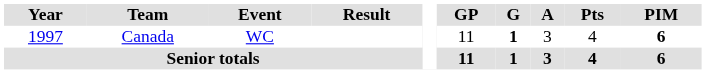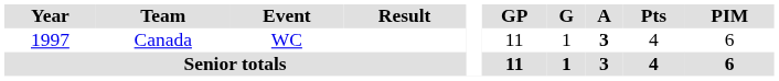 <table border="0" cellpadding="1" cellspacing="0" style="text-align:center; width:40em">
 <tr ALIGN="center" bgcolor="#e0e0e0">
 <th>Year</th>
 <th>Team</th>
 <th>Event</th>
 <th>Result</th>
 <th rowspan="99" bgcolor="#ffffff"> </th>
 <th>GP</th>
 <th>G</th>
 <th>A</th>
 <th>Pts</th>
 <th>PIM</th>
 </tr>
 <tr>
 <td><a href='#'>1997</a></td>
 <td><a href='#'>Canada</a></td>
 <td><a href='#'>WC</a></td>
 <td></td>
 <td>11</td>
-<td><strong>1</strong></td>
-<td>3</td>
+<td>1</td>
+<td><strong>3</strong></td>
 <td>4</td>
-<td><strong>6</strong></td>
+<td>6</td>
 </tr>
 <tr bgcolor="#e0e0e0">
 <th colspan="4">Senior totals</th>
 <th>11</th>
 <th>1</th>
 <th>3</th>
 <th>4</th>
 <th>6</th>
 </tr>
 </table>
